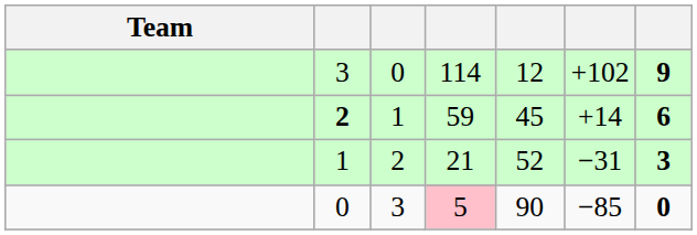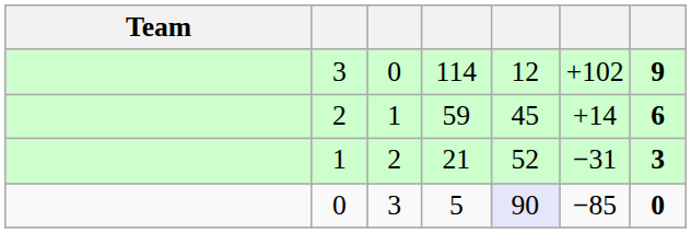 <table class="wikitable" style="text-align:center;">
 <tr>
 <th style="width:10.5em;">Team</th>
 <th style="width:1.5em;"></th>
 <th style="width:1.5em;"></th>
 <th style="width:2.0em;"></th>
 <th style="width:2.0em;"></th>
 <th style="width:2.0em;"></th>
 <th style="width:1.5em;"></th>
 </tr>
 <tr bgcolor=#cfc>
 <td align="left"></td>
 <td>3</td>
 <td>0</td>
 <td>114</td>
 <td>12</td>
 <td>+102</td>
 <td><strong>9</strong></td>
 </tr>
 <tr bgcolor=#cfc>
 <td align="left"></td>
-<td><strong>2</strong></td>
+<td>2</td>
 <td>1</td>
 <td>59</td>
 <td>45</td>
 <td>+14</td>
 <td><strong>6</strong></td>
 </tr>
 <tr bgcolor=#cfc>
 <td align="left"></td>
 <td>1</td>
 <td>2</td>
 <td>21</td>
 <td>52</td>
 <td>−31</td>
 <td><strong>3</strong></td>
 </tr>
 <tr>
 <td align="left"></td>
 <td>0</td>
 <td>3</td>
-<td style="background: pink;">5</td>
-<td>90</td>
+<td>5</td>
+<td style="background: lavender;">90</td>
 <td>−85</td>
 <td><strong>0</strong></td>
 </tr>
 </table>
